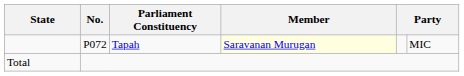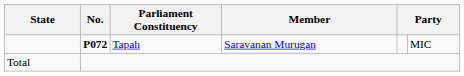 <table class ="wikitable sortable">
 <tr>
 <th style="width:100px;">State</th>
 <th style="width:30px;">No.</th>
 <th style="width:150px;">Parliament Constituency</th>
 <th style="width:240px;">Member</th>
 <th style="width:80px;" colspan=2>Party</th>
 </tr>
 <tr>
 <td></td>
-<td>P072</td>
+<td><strong>P072</strong></td>
 <td><a href='#'>Tapah</a></td>
-<td style="background: lightyellow;"><a href='#'>Saravanan Murugan</a></td>
+<td><a href='#'>Saravanan Murugan</a></td>
 <td></td>
 <td>MIC</td>
 </tr>
 <tr>
 <td>Total</td>
 <td style="width:30px;" colspan=6></td>
 </tr>
 </table>
